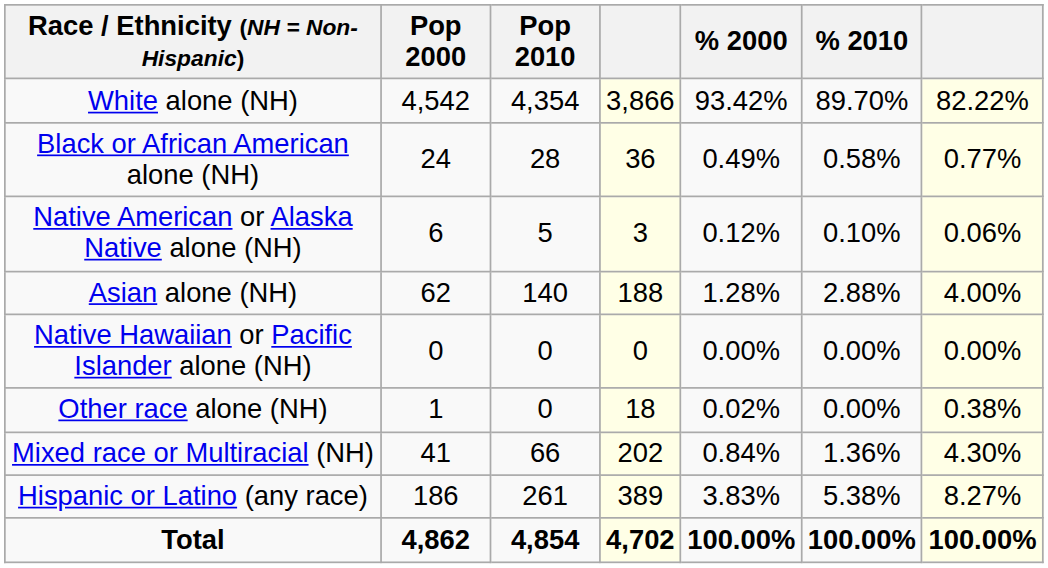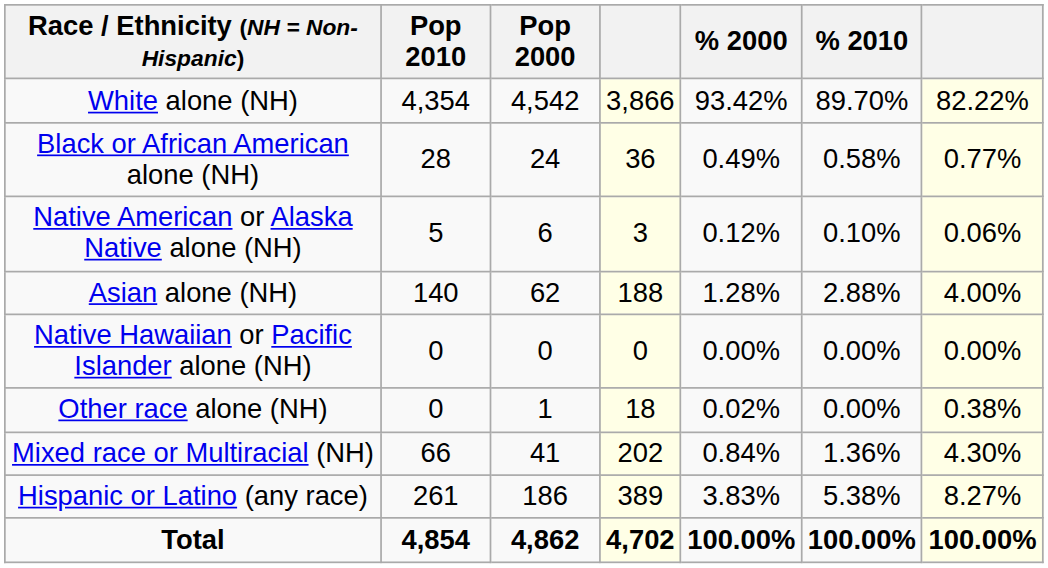 <table class="wikitable" style="text-align:center;">
 <tr>
 <th>Race / Ethnicity <small>(<em>NH = Non-Hispanic</em>)</small></th>
+<th>Pop 2010</th>
 <th>Pop 2000</th>
-<th>Pop 2010</th>
 <th></th>
 <th>% 2000</th>
 <th>% 2010</th>
 <th></th>
 </tr>
 <tr>
 <td><a href='#'>White</a> alone (NH)</td>
+<td>4,354</td>
 <td>4,542</td>
-<td>4,354</td>
 <td style='background: #ffffe6;'>3,866</td>
 <td>93.42%</td>
 <td>89.70%</td>
 <td style='background: #ffffe6;'>82.22%</td>
 </tr>
 <tr>
 <td><a href='#'>Black or African American</a> alone (NH)</td>
+<td>28</td>
 <td>24</td>
-<td>28</td>
 <td style='background: #ffffe6;'>36</td>
 <td>0.49%</td>
 <td>0.58%</td>
 <td style='background: #ffffe6;'>0.77%</td>
 </tr>
 <tr>
 <td><a href='#'>Native American</a> or <a href='#'>Alaska Native</a> alone (NH)</td>
+<td>5</td>
 <td>6</td>
-<td>5</td>
 <td style='background: #ffffe6;'>3</td>
 <td>0.12%</td>
 <td>0.10%</td>
 <td style='background: #ffffe6;'>0.06%</td>
 </tr>
 <tr>
 <td><a href='#'>Asian</a> alone (NH)</td>
+<td>140</td>
 <td>62</td>
-<td>140</td>
 <td style='background: #ffffe6;'>188</td>
 <td>1.28%</td>
 <td>2.88%</td>
 <td style='background: #ffffe6;'>4.00%</td>
 </tr>
 <tr>
 <td><a href='#'>Native Hawaiian</a> or <a href='#'>Pacific Islander</a> alone (NH)</td>
 <td>0</td>
 <td>0</td>
 <td style='background: #ffffe6;'>0</td>
 <td>0.00%</td>
 <td>0.00%</td>
 <td style='background: #ffffe6;'>0.00%</td>
 </tr>
 <tr>
 <td><a href='#'>Other race</a> alone (NH)</td>
+<td>0</td>
 <td>1</td>
-<td>0</td>
 <td style='background: #ffffe6;'>18</td>
 <td>0.02%</td>
 <td>0.00%</td>
 <td style='background: #ffffe6;'>0.38%</td>
 </tr>
 <tr>
 <td><a href='#'>Mixed race or Multiracial</a> (NH)</td>
+<td>66</td>
 <td>41</td>
-<td>66</td>
 <td style='background: #ffffe6;'>202</td>
 <td>0.84%</td>
 <td>1.36%</td>
 <td style='background: #ffffe6;'>4.30%</td>
 </tr>
 <tr>
 <td><a href='#'>Hispanic or Latino</a> (any race)</td>
+<td>261</td>
 <td>186</td>
-<td>261</td>
 <td style='background: #ffffe6;'>389</td>
 <td>3.83%</td>
 <td>5.38%</td>
 <td style='background: #ffffe6;'>8.27%</td>
 </tr>
 <tr>
 <td><strong>Total</strong></td>
+<td><strong>4,854</strong></td>
 <td><strong>4,862</strong></td>
-<td><strong>4,854</strong></td>
 <td style='background: #ffffe6;'><strong>4,702</strong></td>
 <td><strong>100.00%</strong></td>
 <td><strong>100.00%</strong></td>
 <td style='background: #ffffe6;'><strong>100.00%</strong></td>
 </tr>
 </table>
